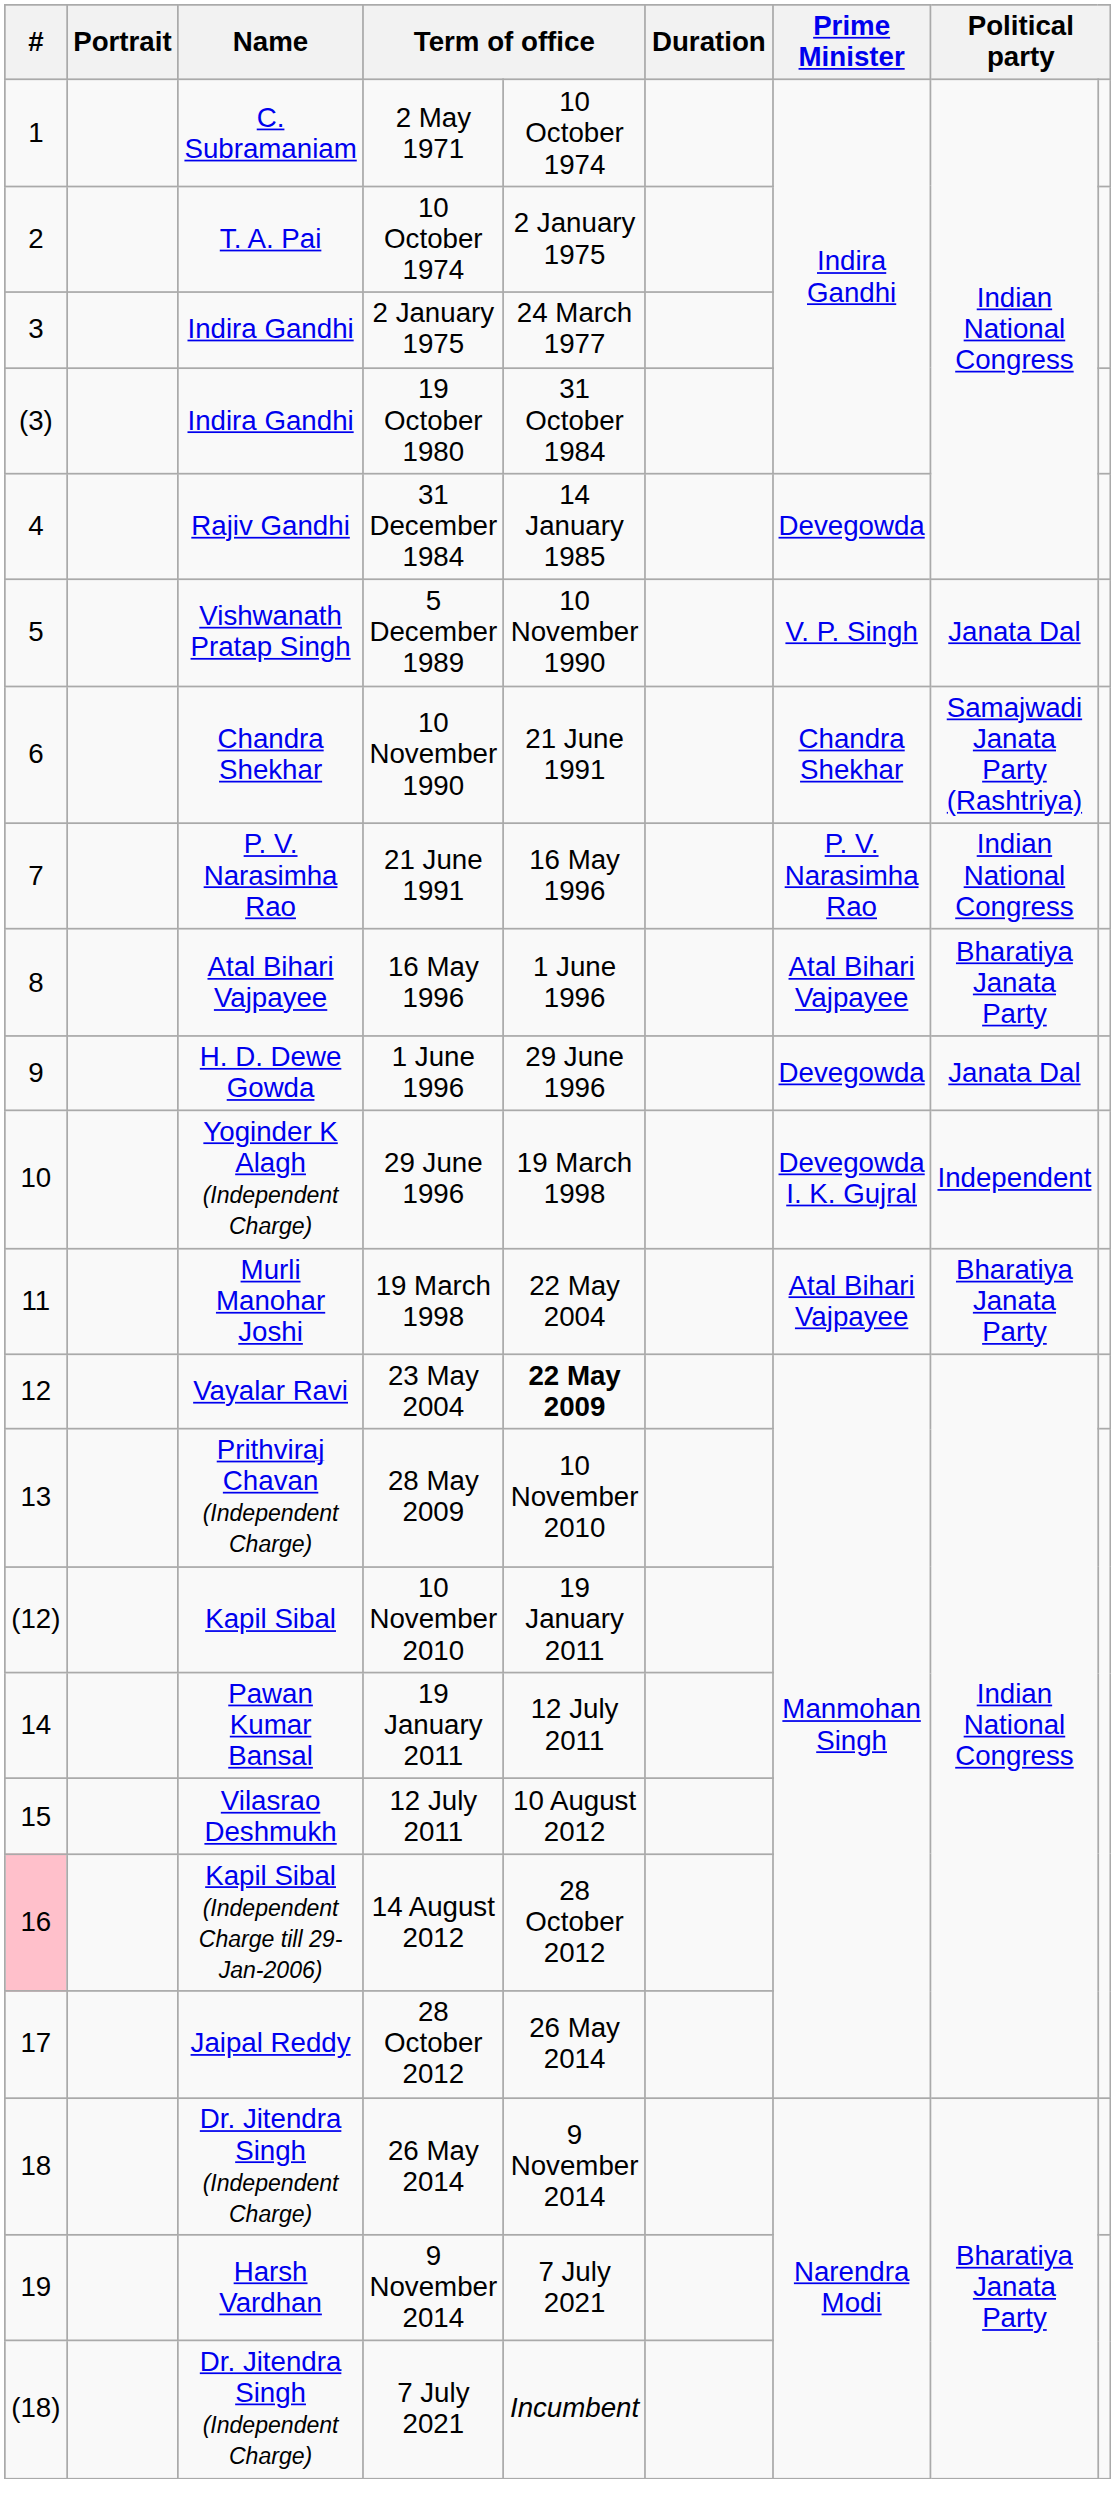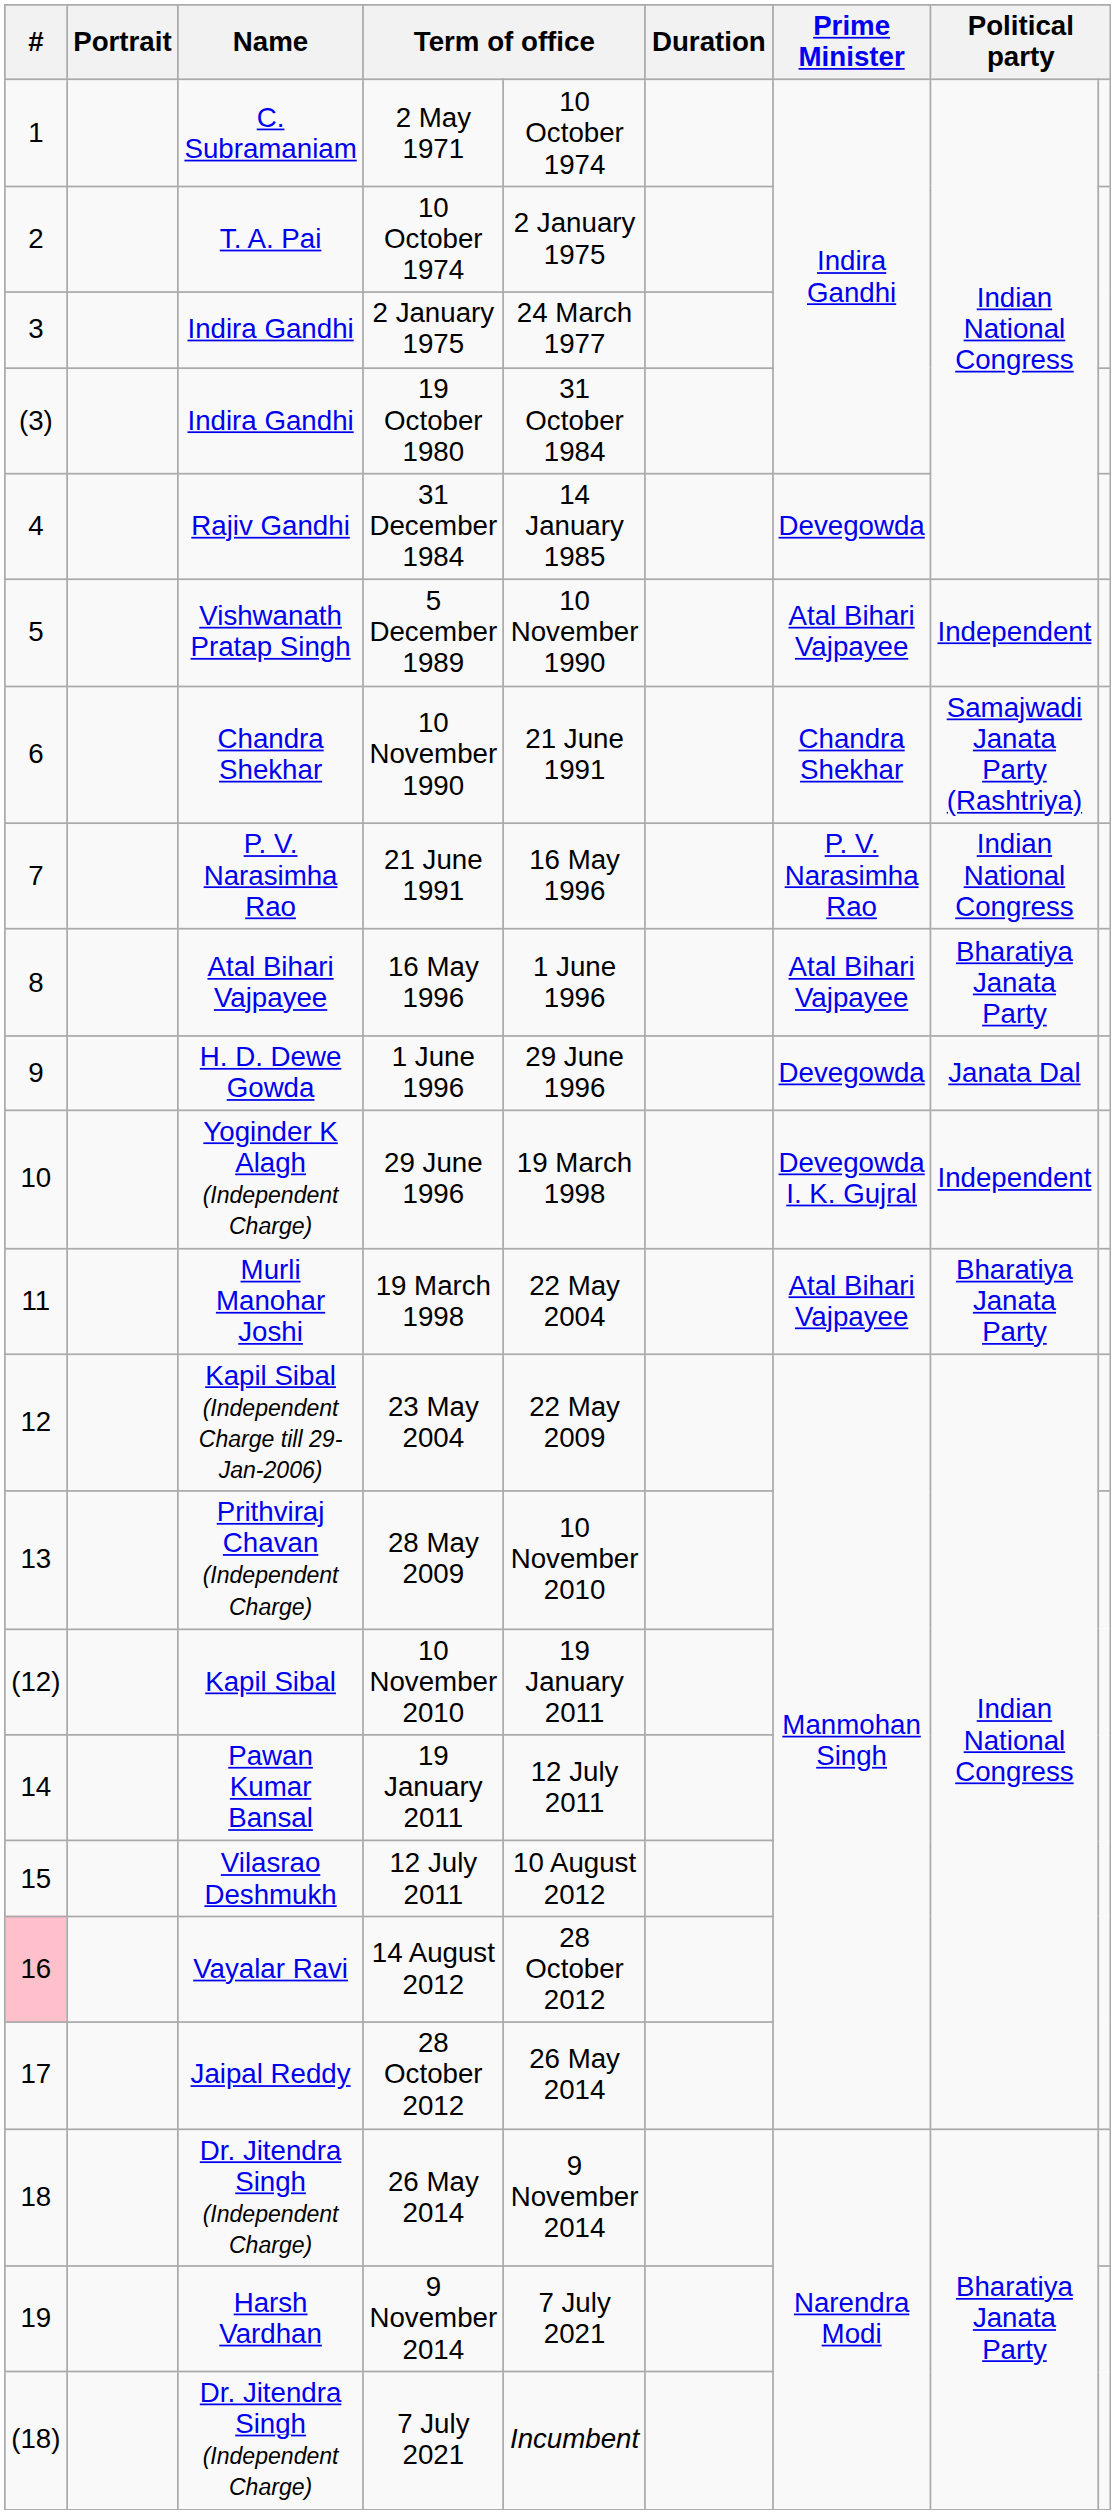 <table class="wikitable" style="text-align:center">
 <tr>
 <th>#</th>
 <th width="75">Portrait</th>
 <th>Name</th>
 <th colspan="2">Term of office</th>
 <th>Duration</th>
 <th><a href='#'>Prime Minister</a></th>
 <th colspan="2">Political party</th>
 </tr>
 <tr>
 <td>1</td>
 <td></td>
 <td><a href='#'>C. Subramaniam</a></td>
 <td>2 May 1971</td>
 <td>10 October 1974</td>
 <td></td>
 <td rowspan="4"><a href='#'>Indira Gandhi</a></td>
 <td rowspan="5"><a href='#'>Indian National Congress</a></td>
 <td width="4px"></td>
 </tr>
 <tr>
 <td>2</td>
 <td></td>
 <td><a href='#'>T. A. Pai</a></td>
 <td>10 October 1974</td>
 <td>2 January 1975</td>
 <td></td>
 </tr>
 <tr>
 <td>3</td>
 <td></td>
 <td><a href='#'>Indira Gandhi</a></td>
 <td>2 January 1975</td>
 <td>24 March 1977</td>
 <td></td>
 </tr>
 <tr>
 <td>(3)</td>
 <td></td>
 <td><a href='#'>Indira Gandhi</a></td>
 <td>19 October 1980</td>
 <td>31 October 1984</td>
 <td></td>
 <td width="4px"></td>
 </tr>
 <tr>
 <td>4</td>
 <td></td>
 <td><a href='#'>Rajiv Gandhi</a></td>
 <td>31 December 1984</td>
 <td>14 January 1985</td>
 <td></td>
 <td><a href='#'>Devegowda</a></td>
 <td width="4px"></td>
 </tr>
 <tr>
 <td>5</td>
 <td></td>
 <td><a href='#'>Vishwanath Pratap Singh</a></td>
 <td>5 December 1989</td>
 <td>10 November 1990</td>
 <td></td>
-<td><a href='#'>V. P. Singh</a></td>
-<td><a href='#'>Janata Dal</a></td>
+<td><a href='#'>Atal Bihari Vajpayee</a></td>
+<td><a href='#'>Independent</a></td>
 <td width="4px"></td>
 </tr>
 <tr>
 <td>6</td>
 <td></td>
 <td><a href='#'>Chandra Shekhar</a></td>
 <td>10 November 1990</td>
 <td>21 June 1991</td>
 <td></td>
 <td><a href='#'>Chandra Shekhar</a></td>
 <td><a href='#'>Samajwadi Janata Party (Rashtriya)</a></td>
 <td width="4px"></td>
 </tr>
 <tr>
 <td>7</td>
 <td></td>
 <td><a href='#'>P. V. Narasimha Rao</a></td>
 <td>21 June 1991</td>
 <td>16 May 1996</td>
 <td></td>
 <td><a href='#'>P. V. Narasimha Rao</a></td>
 <td><a href='#'>Indian National Congress</a></td>
 <td width="4px"></td>
 </tr>
 <tr>
 <td>8</td>
 <td></td>
 <td><a href='#'>Atal Bihari Vajpayee</a></td>
 <td>16 May 1996</td>
 <td>1 June 1996</td>
 <td></td>
 <td><a href='#'>Atal Bihari Vajpayee</a></td>
 <td><a href='#'>Bharatiya Janata Party</a></td>
 <td width="4px"></td>
 </tr>
 <tr>
 <td>9</td>
 <td></td>
 <td><a href='#'>H. D. Dewe Gowda</a></td>
 <td>1 June 1996</td>
 <td>29 June 1996</td>
 <td></td>
 <td><a href='#'>Devegowda</a></td>
 <td><a href='#'>Janata Dal</a></td>
 <td width="4px"></td>
 </tr>
 <tr>
 <td>10</td>
 <td></td>
 <td><a href='#'>Yoginder K Alagh</a><br><em><small>(Independent Charge)</small></em></td>
 <td>29 June 1996</td>
 <td>19 March 1998</td>
 <td></td>
 <td><a href='#'>Devegowda</a><br><a href='#'>I. K. Gujral</a></td>
 <td><a href='#'>Independent</a></td>
 <td width="4px"></td>
 </tr>
 <tr>
 <td>11</td>
 <td></td>
 <td><a href='#'>Murli Manohar Joshi</a></td>
 <td>19 March 1998</td>
 <td>22 May 2004</td>
 <td></td>
 <td><a href='#'>Atal Bihari Vajpayee</a></td>
 <td><a href='#'>Bharatiya Janata Party</a></td>
 <td width="4px"></td>
 </tr>
 <tr>
 <td>12</td>
 <td></td>
-<td><a href='#'>Vayalar Ravi</a></td>
+<td><a href='#'>Kapil Sibal</a><br><em><small>(Independent Charge till 29-Jan-2006)</small></em></td>
 <td>23 May 2004</td>
-<td><strong>22 May 2009</strong></td>
+<td>22 May 2009</td>
 <td></td>
 <td rowspan="7"><a href='#'>Manmohan Singh</a></td>
 <td rowspan="7"><a href='#'>Indian National Congress</a></td>
 <td width="4px"></td>
 </tr>
 <tr>
 <td>13</td>
 <td></td>
 <td><a href='#'>Prithviraj Chavan</a><br><em><small>(Independent Charge)</small></em></td>
 <td>28 May 2009</td>
 <td>10 November 2010</td>
 <td></td>
 </tr>
 <tr>
 <td>(12)</td>
 <td></td>
 <td><a href='#'>Kapil Sibal</a></td>
 <td>10 November 2010</td>
 <td>19 January 2011</td>
 <td></td>
 </tr>
 <tr>
 <td>14</td>
 <td></td>
 <td><a href='#'>Pawan Kumar Bansal</a></td>
 <td>19 January 2011</td>
 <td>12 July 2011</td>
 <td></td>
 </tr>
 <tr>
 <td>15</td>
 <td></td>
 <td><a href='#'>Vilasrao Deshmukh</a></td>
 <td>12 July 2011</td>
 <td>10 August 2012</td>
 <td></td>
 </tr>
 <tr>
 <td style="background: pink;">16</td>
 <td></td>
-<td><a href='#'>Kapil Sibal</a><br><em><small>(Independent Charge till 29-Jan-2006)</small></em></td>
+<td><a href='#'>Vayalar Ravi</a></td>
 <td>14 August 2012</td>
 <td>28 October 2012</td>
 <td></td>
 </tr>
 <tr>
 <td>17</td>
 <td></td>
 <td><a href='#'>Jaipal Reddy</a></td>
 <td>28 October 2012</td>
 <td>26 May 2014</td>
 <td></td>
 </tr>
 <tr>
 <td>18</td>
 <td></td>
 <td><a href='#'>Dr. Jitendra Singh</a><br><em><small>(Independent Charge)</small></em></td>
 <td>26 May 2014</td>
 <td>9 November 2014</td>
 <td></td>
 <td rowspan="3"><a href='#'>Narendra Modi</a></td>
 <td rowspan="3"><a href='#'>Bharatiya Janata Party</a></td>
 <td width="4px"></td>
 </tr>
 <tr>
 <td>19</td>
 <td></td>
 <td><a href='#'>Harsh Vardhan</a></td>
 <td>9 November 2014</td>
 <td>7 July 2021</td>
 <td></td>
 </tr>
 <tr>
 <td>(18)</td>
 <td></td>
 <td><a href='#'>Dr. Jitendra Singh</a><br><em><small>(Independent Charge)</small></em></td>
 <td>7 July 2021</td>
 <td><em>Incumbent</em></td>
 <td></td>
 </tr>
 </table>
